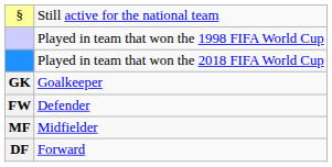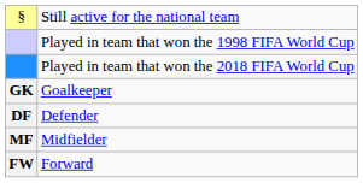 <table class="wikitable">
 <tr>
 <td style="background:#ff9; text-align:center;">§</td>
 <td>Still <a href='#'>active for the national team</a></td>
 </tr>
 <tr>
 <td style="background:#ccf; text-align:center;"></td>
 <td>Played in team that won the <a href='#'>1998 FIFA World Cup</a></td>
 </tr>
 <tr>
 <td style="background:#1E90FF; text-align:center;"></td>
 <td>Played in team that won the <a href='#'>2018 FIFA World Cup</a></td>
 </tr>
 <tr>
 <th>GK</th>
 <td colspan="3"><a href='#'>Goalkeeper</a></td>
 </tr>
 <tr>
-<th>FW</th>
+<th>DF</th>
 <td colspan="3"><a href='#'>Defender</a></td>
 </tr>
 <tr>
 <th>MF</th>
 <td colspan="3"><a href='#'>Midfielder</a></td>
 </tr>
 <tr>
-<th>DF</th>
+<th>FW</th>
 <td colspan="3"><a href='#'>Forward</a></td>
 </tr>
 </table>
